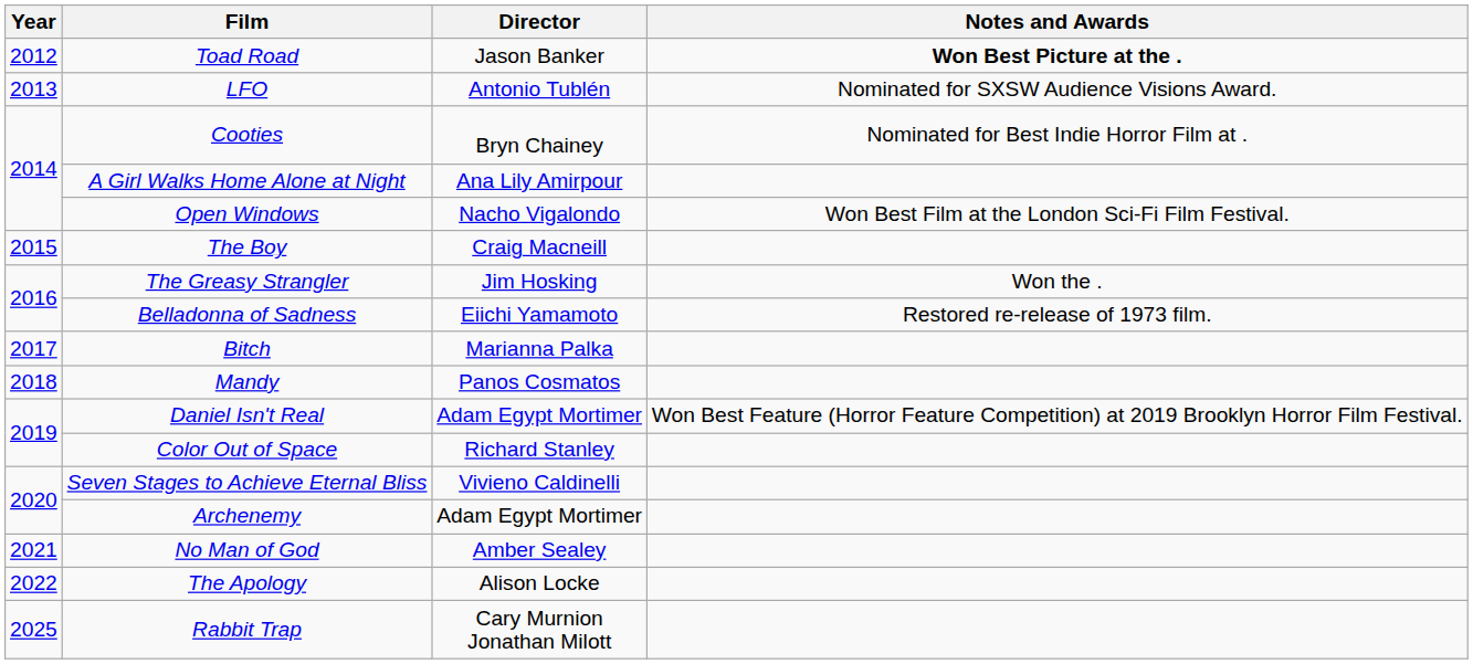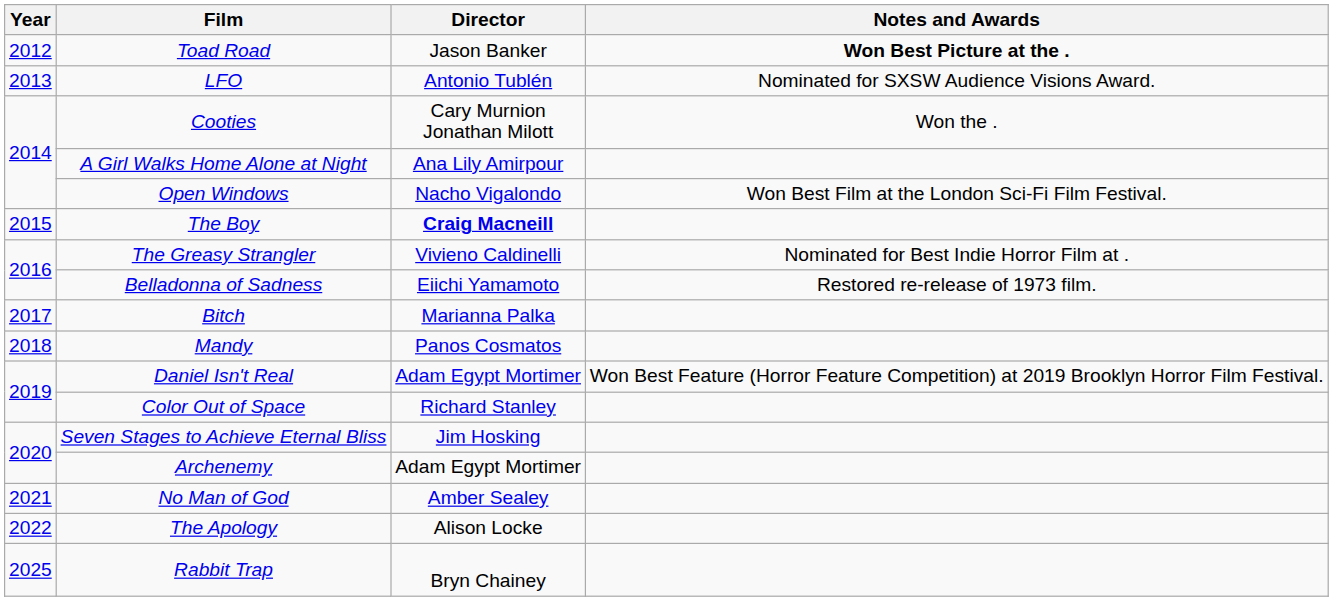 <table class=wikitable style=text-align:center>
 <tr>
 <th>Year</th>
 <th>Film</th>
 <th>Director</th>
 <th>Notes and Awards</th>
 </tr>
 <tr>
 <td><a href='#'>2012</a></td>
 <td><em><a href='#'>Toad Road</a></em></td>
 <td>Jason Banker</td>
 <td><strong>Won Best Picture at the .</strong></td>
 </tr>
 <tr>
 <td><a href='#'>2013</a></td>
 <td><em><a href='#'>LFO</a></em></td>
 <td><a href='#'>Antonio Tublén</a></td>
 <td>Nominated for SXSW Audience Visions Award.</td>
 </tr>
 <tr>
 <td rowspan=3><a href='#'>2014</a></td>
 <td><em><a href='#'>Cooties</a></em></td>
-<td><br>Bryn Chainey</td>
-<td>Nominated for Best Indie Horror Film at .</td>
+<td>Cary Murnion<br>Jonathan Milott</td>
+<td>Won the .</td>
 </tr>
 <tr>
 <td><em><a href='#'>A Girl Walks Home Alone at Night</a></em></td>
 <td><a href='#'>Ana Lily Amirpour</a></td>
 <td></td>
 </tr>
 <tr>
 <td><em><a href='#'>Open Windows</a></em></td>
 <td><a href='#'>Nacho Vigalondo</a></td>
 <td>Won Best Film at the London Sci-Fi Film Festival.</td>
 </tr>
 <tr>
 <td><a href='#'>2015</a></td>
 <td><em><a href='#'>The Boy</a></em></td>
-<td><a href='#'>Craig Macneill</a></td>
+<td><strong><a href='#'>Craig Macneill</a></strong></td>
 <td></td>
 </tr>
 <tr>
 <td rowspan=2><a href='#'>2016</a></td>
 <td><em><a href='#'>The Greasy Strangler</a></em></td>
-<td><a href='#'>Jim Hosking</a></td>
-<td>Won the .</td>
+<td><a href='#'>Vivieno Caldinelli</a></td>
+<td>Nominated for Best Indie Horror Film at .</td>
 </tr>
 <tr>
 <td><em><a href='#'>Belladonna of Sadness</a></em></td>
 <td><a href='#'>Eiichi Yamamoto</a></td>
 <td>Restored re-release of 1973 film.</td>
 </tr>
 <tr>
 <td><a href='#'>2017</a></td>
 <td><em><a href='#'>Bitch</a></em></td>
 <td><a href='#'>Marianna Palka</a></td>
 <td></td>
 </tr>
 <tr>
 <td><a href='#'>2018</a></td>
 <td><em><a href='#'>Mandy</a></em></td>
 <td><a href='#'>Panos Cosmatos</a></td>
 <td></td>
 </tr>
 <tr>
 <td rowspan=2><a href='#'>2019</a></td>
 <td><em><a href='#'>Daniel Isn't Real</a></em></td>
 <td><a href='#'>Adam Egypt Mortimer</a></td>
 <td>Won Best Feature (Horror Feature Competition) at 2019 Brooklyn Horror Film Festival.</td>
 </tr>
 <tr>
 <td><em><a href='#'>Color Out of Space</a></em></td>
 <td><a href='#'>Richard Stanley</a></td>
 <td></td>
 </tr>
 <tr>
 <td rowspan=2><a href='#'>2020</a></td>
 <td><em><a href='#'>Seven Stages to Achieve Eternal Bliss</a></em></td>
-<td><a href='#'>Vivieno Caldinelli</a></td>
+<td><a href='#'>Jim Hosking</a></td>
 <td></td>
 </tr>
 <tr>
 <td><em><a href='#'>Archenemy</a></em></td>
 <td>Adam Egypt Mortimer</td>
 <td></td>
 </tr>
 <tr>
 <td><a href='#'>2021</a></td>
 <td><em><a href='#'>No Man of God</a></em></td>
 <td><a href='#'>Amber Sealey</a></td>
 <td></td>
 </tr>
 <tr>
 <td><a href='#'>2022</a></td>
 <td><em><a href='#'>The Apology</a></em></td>
 <td>Alison Locke</td>
 <td></td>
 </tr>
 <tr>
 <td><a href='#'>2025</a></td>
 <td><em><a href='#'>Rabbit Trap</a></em></td>
-<td>Cary Murnion<br>Jonathan Milott</td>
+<td><br>Bryn Chainey</td>
 <td></td>
 </tr>
 </table>
